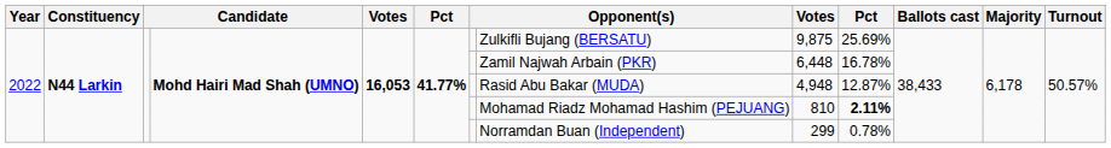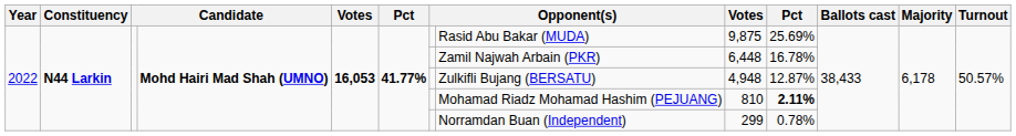 <table class="wikitable" style="margin:0.5em ; font-size:95%">
 <tr>
 <th>Year</th>
 <th>Constituency</th>
 <th colspan="2">Candidate</th>
 <th>Votes</th>
 <th>Pct</th>
 <th colspan="2">Opponent(s)</th>
 <th>Votes</th>
 <th>Pct</th>
 <th>Ballots cast</th>
 <th>Majority</th>
 <th>Turnout</th>
 </tr>
 <tr>
 <td rowspan="5"><a href='#'>2022</a></td>
 <td rowspan="5"><strong>N44 <a href='#'>Larkin</a></strong></td>
 <td rowspan="5" ></td>
 <td rowspan="5"><strong>Mohd Hairi Mad Shah (<a href='#'>UMNO</a>)</strong></td>
 <td rowspan="5"><strong>16,053</strong></td>
 <td rowspan="5"><strong>41.77%</strong></td>
 <td></td>
-<td>Zulkifli Bujang (<a href='#'>BERSATU</a>)</td>
+<td>Rasid Abu Bakar (<a href='#'>MUDA</a>)</td>
 <td>9,875</td>
 <td>25.69%</td>
 <td rowspan="5">38,433</td>
 <td rowspan="5">6,178</td>
 <td rowspan="5">50.57%</td>
 </tr>
 <tr>
 <td></td>
 <td>Zamil Najwah Arbain (<a href='#'>PKR</a>)</td>
 <td>6,448</td>
 <td>16.78%</td>
 </tr>
 <tr>
 <td></td>
-<td>Rasid Abu Bakar (<a href='#'>MUDA</a>)</td>
+<td>Zulkifli Bujang (<a href='#'>BERSATU</a>)</td>
 <td>4,948</td>
 <td>12.87%</td>
 </tr>
 <tr>
 <td></td>
 <td>Mohamad Riadz Mohamad Hashim (<a href='#'>PEJUANG</a>)</td>
 <td align=right>810</td>
 <td align=right><strong>2.11%</strong></td>
 </tr>
 <tr>
 <td></td>
 <td>Norramdan Buan (<a href='#'>Independent</a>)</td>
 <td align=right>299</td>
 <td align=right>0.78%</td>
 </tr>
 </table>
